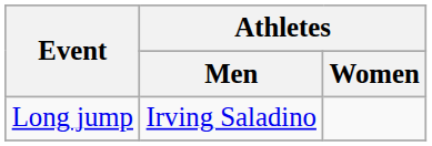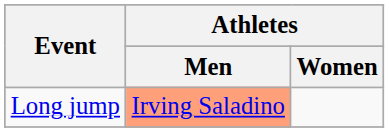 <table class=wikitable style="font-size:90%">
 <tr>
 <th rowspan=2>Event</th>
 <th colspan=2>Athletes</th>
 </tr>
 <tr>
 <th>Men</th>
 <th>Women</th>
 </tr>
 <tr>
 <td><a href='#'>Long jump</a></td>
-<td><a href='#'>Irving Saladino</a></td>
+<td style="background: lightsalmon;"><a href='#'>Irving Saladino</a></td>
 <td></td>
 </tr>
 </table>
